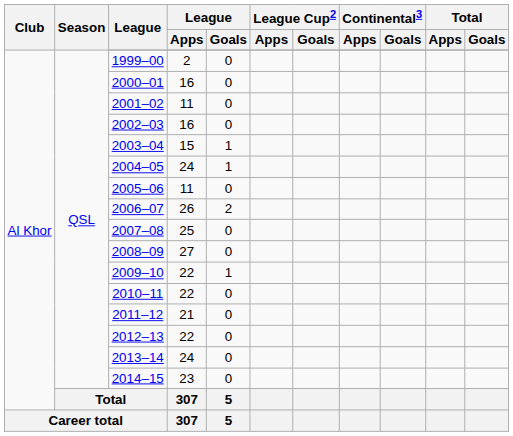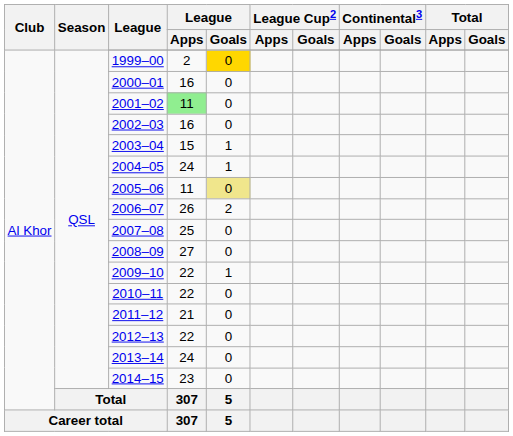 <table class="wikitable" style="font-size:90%; text-align:center;">
 <tr>
 <th rowspan="2">Club</th>
 <th rowspan="2">Season</th>
 <th rowspan="2">League</th>
 <th colspan="2">League</th>
 <th colspan="2">League Cup<sup><a href='#'>2</a></sup></th>
 <th colspan="2">Continental<sup><a href='#'>3</a></sup></th>
 <th colspan="2">Total</th>
 </tr>
 <tr>
 <th>Apps</th>
 <th>Goals</th>
 <th>Apps</th>
 <th>Goals</th>
 <th>Apps</th>
 <th>Goals</th>
 <th>Apps</th>
 <th>Goals</th>
 </tr>
 <tr>
 <td rowspan="18"><a href='#'>Al Khor</a></td>
 <td rowspan="17" valign="center"><a href='#'>QSL</a></td>
 </tr>
 <tr>
 <td><a href='#'>1999–00</a></td>
 <td>2</td>
-<td>0</td>
+<td style="background: gold;">0</td>
 <td></td>
 <td></td>
 <td></td>
 <td></td>
 <td></td>
 <td></td>
 </tr>
 <tr>
 <td><a href='#'>2000–01</a></td>
 <td>16</td>
 <td>0</td>
 <td></td>
 <td></td>
 <td></td>
 <td></td>
 <td></td>
 <td></td>
 </tr>
 <tr>
 <td><a href='#'>2001–02</a></td>
-<td>11</td>
+<td style="background: lightgreen;">11</td>
 <td>0</td>
 <td></td>
 <td></td>
 <td></td>
 <td></td>
 <td></td>
 <td></td>
 </tr>
 <tr>
 <td><a href='#'>2002–03</a></td>
 <td>16</td>
 <td>0</td>
 <td></td>
 <td></td>
 <td></td>
 <td></td>
 <td></td>
 <td></td>
 </tr>
 <tr>
 <td><a href='#'>2003–04</a></td>
 <td>15</td>
 <td>1</td>
 <td></td>
 <td></td>
 <td></td>
 <td></td>
 <td></td>
 <td></td>
 </tr>
 <tr>
 <td><a href='#'>2004–05</a></td>
 <td>24</td>
 <td>1</td>
 <td></td>
 <td></td>
 <td></td>
 <td></td>
 <td></td>
 <td></td>
 </tr>
 <tr>
 <td><a href='#'>2005–06</a></td>
 <td>11</td>
-<td>0</td>
+<td style="background: khaki;">0</td>
 <td></td>
 <td></td>
 <td></td>
 <td></td>
 <td></td>
 <td></td>
 </tr>
 <tr>
 <td><a href='#'>2006–07</a></td>
 <td>26</td>
 <td>2</td>
 <td></td>
 <td></td>
 <td></td>
 <td></td>
 <td></td>
 <td></td>
 </tr>
 <tr>
 <td><a href='#'>2007–08</a></td>
 <td>25</td>
 <td>0</td>
 <td></td>
 <td></td>
 <td></td>
 <td></td>
 <td></td>
 <td></td>
 </tr>
 <tr>
 <td><a href='#'>2008–09</a></td>
 <td>27</td>
 <td>0</td>
 <td></td>
 <td></td>
 <td></td>
 <td></td>
 <td></td>
 <td></td>
 </tr>
 <tr>
 <td><a href='#'>2009–10</a></td>
 <td>22</td>
 <td>1</td>
 <td></td>
 <td></td>
 <td></td>
 <td></td>
 <td></td>
 <td></td>
 </tr>
 <tr>
 <td><a href='#'>2010–11</a></td>
 <td>22</td>
 <td>0</td>
 <td></td>
 <td></td>
 <td></td>
 <td></td>
 <td></td>
 <td></td>
 </tr>
 <tr>
 <td><a href='#'>2011–12</a></td>
 <td>21</td>
 <td>0</td>
 <td></td>
 <td></td>
 <td></td>
 <td></td>
 <td></td>
 <td></td>
 </tr>
 <tr>
 <td><a href='#'>2012–13</a></td>
 <td>22</td>
 <td>0</td>
 <td></td>
 <td></td>
 <td></td>
 <td></td>
 <td></td>
 <td></td>
 </tr>
 <tr>
 <td><a href='#'>2013–14</a></td>
 <td>24</td>
 <td>0</td>
 <td></td>
 <td></td>
 <td></td>
 <td></td>
 <td></td>
 <td></td>
 </tr>
 <tr>
 <td><a href='#'>2014–15</a></td>
 <td>23</td>
 <td>0</td>
 <td></td>
 <td></td>
 <td></td>
 <td></td>
 <td></td>
 <td></td>
 </tr>
 <tr>
 <th colspan="2">Total</th>
 <th>307</th>
 <th>5</th>
 <th></th>
 <th></th>
 <th></th>
 <th></th>
 <th></th>
 <th></th>
 </tr>
 <tr>
 <th colspan="3">Career total</th>
 <th>307</th>
 <th>5</th>
 <th></th>
 <th></th>
 <th></th>
 <th></th>
 <th></th>
 <th></th>
 </tr>
 </table>
